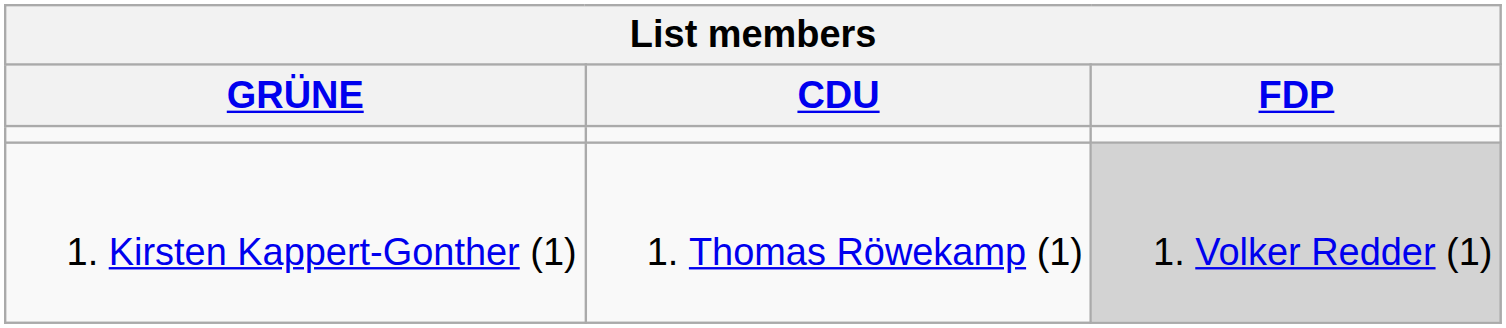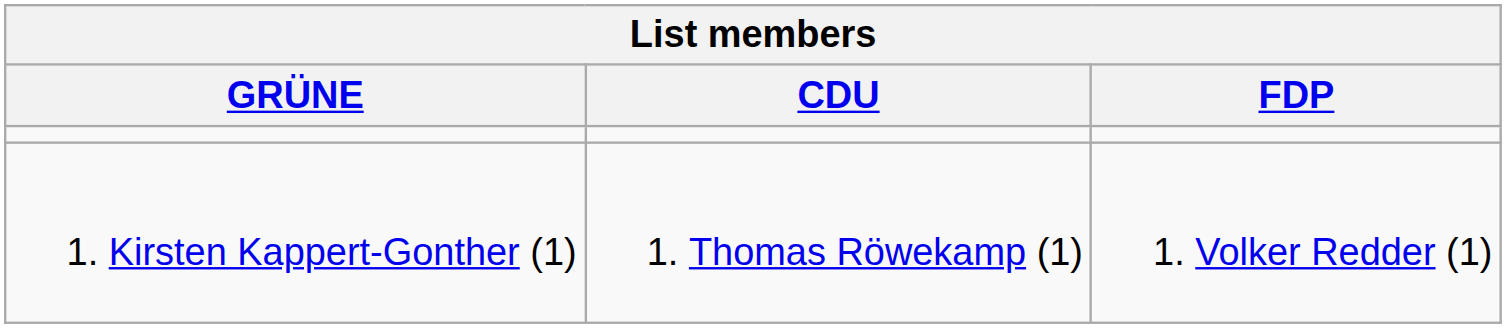 <table class=wikitable>
 <tr>
 <th colspan=3>List members</th>
 </tr>
 <tr>
 <th><a href='#'>GRÜNE</a></th>
 <th><a href='#'>CDU</a></th>
 <th><a href='#'>FDP</a></th>
 </tr>
 <tr>
 <td bgcolor=></td>
 <td bgcolor=></td>
 <td bgcolor=></td>
 </tr>
 <tr>
 <td><br><ol><li><a href='#'>Kirsten Kappert-Gonther</a> (1)</li></ol></td>
 <td><br><ol><li><a href='#'>Thomas Röwekamp</a> (1)</li></ol></td>
-<td style="background: lightgrey;"><br><ol><li><a href='#'>Volker Redder</a> (1)</li></ol></td>
+<td><br><ol><li><a href='#'>Volker Redder</a> (1)</li></ol></td>
 </tr>
 </table>
